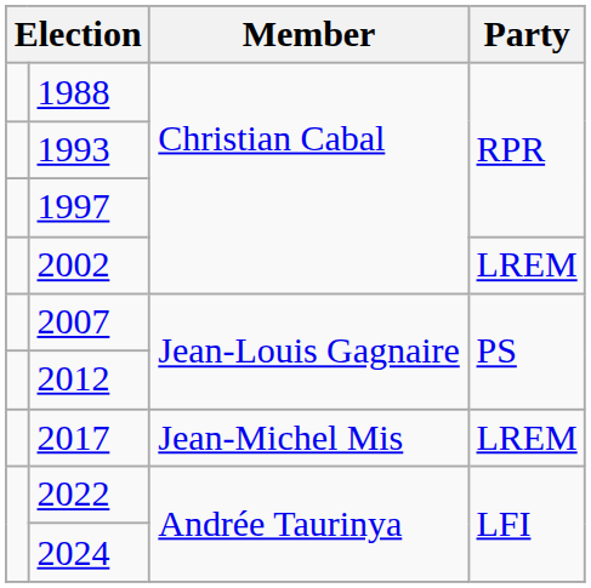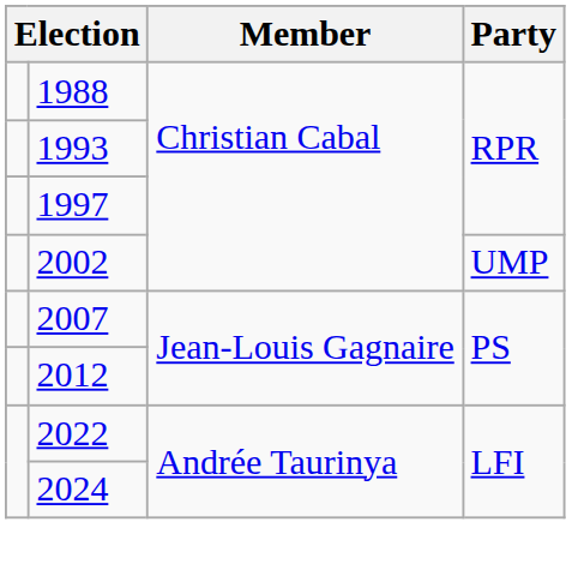 <table class="wikitable">
 <tr>
 <th colspan="2">Election</th>
 <th>Member</th>
 <th>Party</th>
 </tr>
 <tr>
 <td style="color:inherit;background-color:"></td>
 <td><a href='#'>1988</a></td>
 <td rowspan="4"><a href='#'>Christian Cabal</a><br><br><br></td>
 <td rowspan="3"><a href='#'>RPR</a></td>
 </tr>
 <tr>
 <td style="color:inherit;background-color:"></td>
 <td><a href='#'>1993</a></td>
 </tr>
 <tr>
 <td style="color:inherit;background-color:"></td>
 <td><a href='#'>1997</a></td>
 </tr>
 <tr>
 <td style="color:inherit;background-color:"></td>
 <td><a href='#'>2002</a></td>
-<td><a href='#'>LREM</a></td>
+<td><a href='#'>UMP</a></td>
 </tr>
 <tr>
 <td style="color:inherit;background-color:"></td>
 <td><a href='#'>2007</a></td>
 <td rowspan="2"><a href='#'>Jean-Louis Gagnaire</a><br></td>
 <td rowspan="2"><a href='#'>PS</a></td>
 </tr>
 <tr>
 <td style="color:inherit;background-color:"></td>
 <td><a href='#'>2012</a></td>
 </tr>
 <tr>
-<td style="color:inherit;background-color:"></td>
-<td><a href='#'>2017</a></td>
-<td><a href='#'>Jean-Michel Mis</a></td>
-<td><a href='#'>LREM</a></td>
-</tr>
-<tr>
 <td rowspan="2" style="color:inherit;background-color:"></td>
 <td><a href='#'>2022</a></td>
 <td rowspan="2"><a href='#'>Andrée Taurinya</a></td>
 <td rowspan="2"><a href='#'>LFI</a></td>
 </tr>
 <tr>
 <td><a href='#'>2024</a></td>
 </tr>
 </table>
